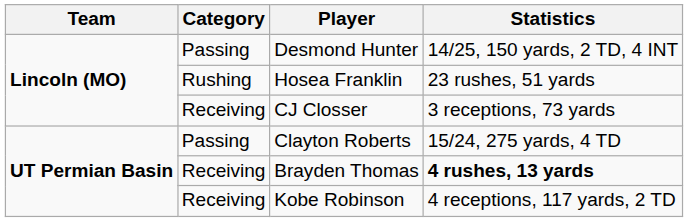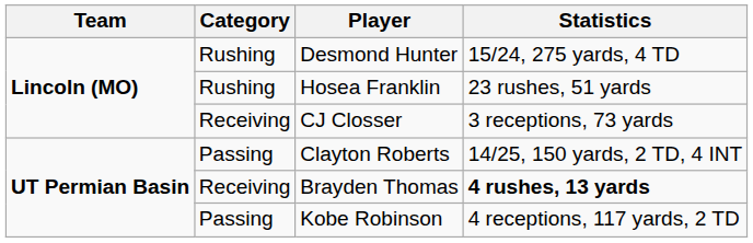 <table class="wikitable" style="float: right;">
 <tr>
 <th>Team</th>
 <th>Category</th>
 <th>Player</th>
 <th>Statistics</th>
 </tr>
 <tr>
 <td rowspan=3><strong>Lincoln (MO)</strong></td>
-<td>Passing</td>
+<td>Rushing</td>
 <td>Desmond Hunter</td>
-<td>14/25, 150 yards, 2 TD, 4 INT</td>
+<td>15/24, 275 yards, 4 TD</td>
 </tr>
 <tr>
 <td>Rushing</td>
 <td>Hosea Franklin</td>
 <td>23 rushes, 51 yards</td>
 </tr>
 <tr>
 <td>Receiving</td>
 <td>CJ Closser</td>
 <td>3 receptions, 73 yards</td>
 </tr>
 <tr>
 <td rowspan=3><strong>UT Permian Basin</strong></td>
 <td>Passing</td>
 <td>Clayton Roberts</td>
-<td>15/24, 275 yards, 4 TD</td>
+<td>14/25, 150 yards, 2 TD, 4 INT</td>
 </tr>
 <tr>
 <td>Receiving</td>
 <td>Brayden Thomas</td>
 <td><strong>4 rushes, 13 yards</strong></td>
 </tr>
 <tr>
-<td>Receiving</td>
+<td>Passing</td>
 <td>Kobe Robinson</td>
 <td>4 receptions, 117 yards, 2 TD</td>
 </tr>
 </table>
